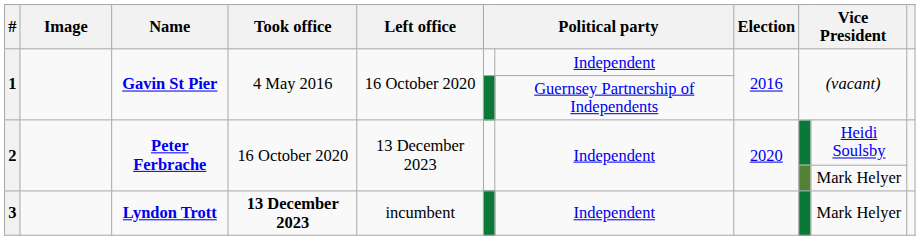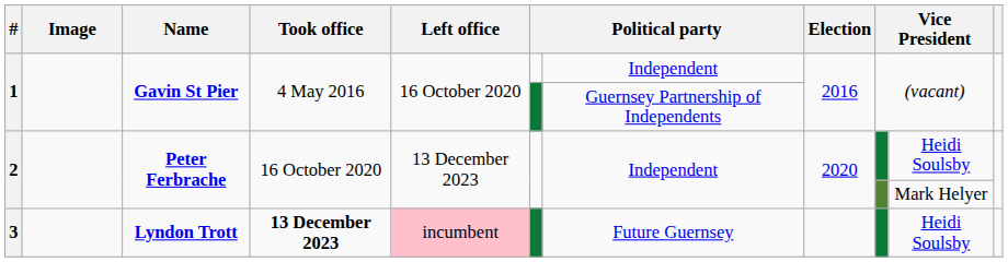 <table class="wikitable" style="text-align:center; width:70%;">
 <tr>
 <th scope="col">#</th>
 <th scope="col">Image</th>
 <th scope="col">Name</th>
 <th scope="col">Took office</th>
 <th scope="col">Left office</th>
 <th scope="col" colspan="2">Political party</th>
 <th scope="col">Election</th>
 <th scope="col" colspan="2">Vice President</th>
 <th scope="col"></th>
 </tr>
 <tr>
 <th scope="row" rowspan="2">1</th>
 <td rowspan="2" style="width:10%;"></td>
 <td rowspan="2"><strong><a href='#'>Gavin St Pier</a></strong><br></td>
 <td rowspan="2">4 May 2016</td>
 <td rowspan="2">16 October 2020</td>
 <td style="width:1%; background-color:"> </td>
 <td><a href='#'>Independent</a><br></td>
 <td rowspan="2"><a href='#'>2016</a></td>
 <td rowspan="2" colspan="2"><em>(vacant)</em></td>
 <td rowspan="2"></td>
 </tr>
 <tr>
 <td style="background-color:#0A7836;"> </td>
 <td><a href='#'>Guernsey Partnership of Independents</a><br></td>
 </tr>
 <tr>
 <th scope="row" rowspan="2">2</th>
 <td rowspan="2"></td>
 <td rowspan="2"><strong><a href='#'>Peter Ferbrache</a></strong><br></td>
 <td rowspan="2">16 October 2020</td>
 <td rowspan="2">13 December 2023</td>
 <td rowspan="2" style="background-color:"> </td>
 <td rowspan="2"><a href='#'>Independent</a></td>
 <td rowspan="2"><a href='#'>2020</a></td>
 <td style="background-color:#0A7836;"> </td>
 <td><a href='#'>Heidi Soulsby</a> <br></td>
 <td rowspan="2" style="text-align: center;"> <br> </td>
 </tr>
 <tr>
 <td style="background:#548235"> </td>
 <td>Mark Helyer</td>
 </tr>
 <tr>
 <th scope="row">3</th>
 <td></td>
 <td><strong><a href='#'>Lyndon Trott</a></strong><br></td>
 <td><strong>13 December 2023</strong></td>
-<td>incumbent</td>
+<td style="background: pink;">incumbent</td>
 <td style="background-color:#0A7836;"> </td>
-<td><a href='#'>Independent</a><br></td>
+<td><a href='#'>Future Guernsey</a></td>
 <td></td>
 <td style="background-color:#0A7836;"> </td>
-<td>Mark Helyer</td>
+<td><a href='#'>Heidi Soulsby</a></td>
 <td style="text-align: center;"></td>
 </tr>
 </table>
